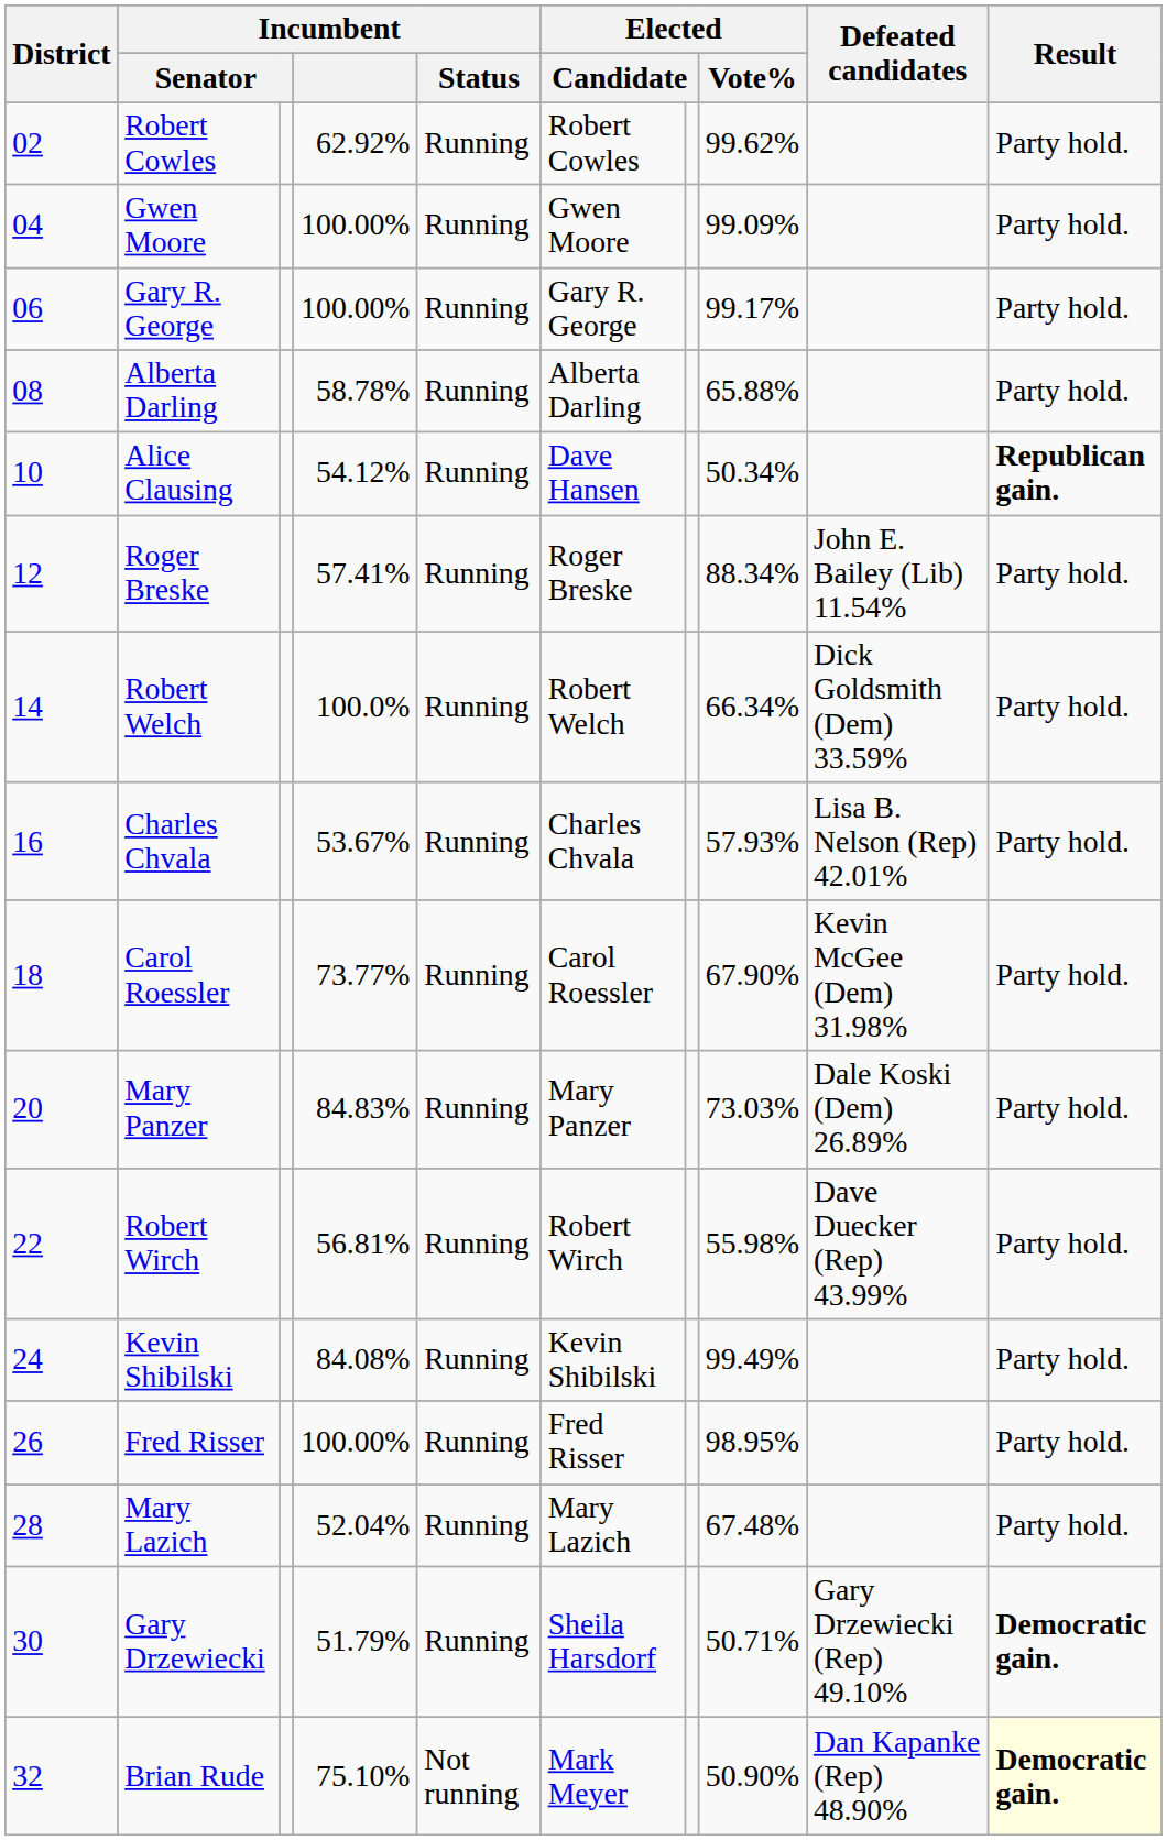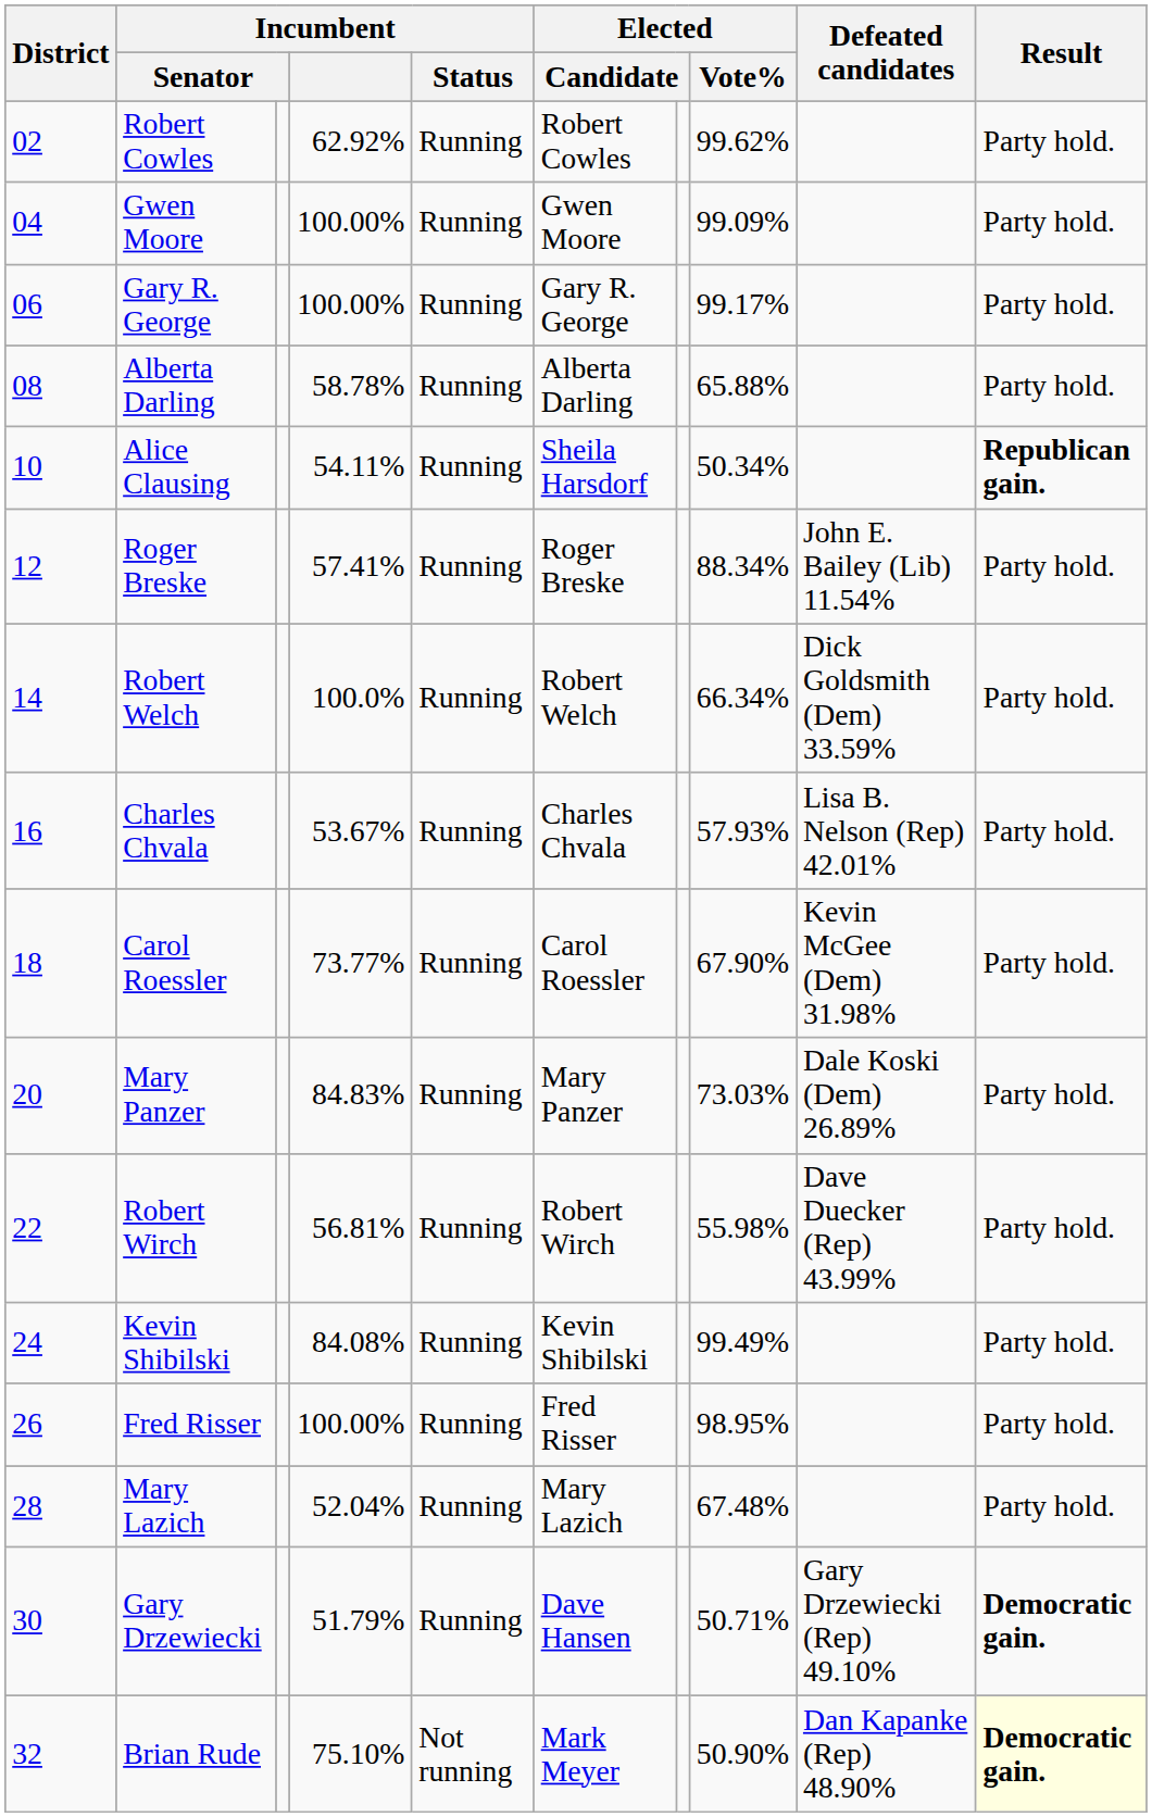 <table class="wikitable">
 <tr>
 <th rowspan="2">District</th>
 <th colspan="4">Incumbent</th>
 <th colspan="3">Elected</th>
 <th rowspan="2">Defeated candidates</th>
 <th rowspan="2">Result</th>
 </tr>
 <tr>
 <th colspan="2">Senator</th>
 <th></th>
 <th>Status</th>
 <th colspan="2">Candidate</th>
 <th>Vote%</th>
 </tr>
 <tr>
 <td><a href='#'>02</a></td>
 <td><a href='#'>Robert Cowles</a></td>
 <td></td>
 <td align="right">62.92%</td>
 <td>Running</td>
 <td>Robert Cowles</td>
 <td style="background:"></td>
 <td align="right">99.62%</td>
 <td></td>
 <td>Party hold.</td>
 </tr>
 <tr>
 <td><a href='#'>04</a></td>
 <td><a href='#'>Gwen Moore</a></td>
 <td></td>
 <td align="right">100.00%</td>
 <td>Running</td>
 <td>Gwen Moore</td>
 <td style="background:"></td>
 <td align="right">99.09%</td>
 <td></td>
 <td>Party hold.</td>
 </tr>
 <tr>
 <td><a href='#'>06</a></td>
 <td><a href='#'>Gary R. George</a></td>
 <td></td>
 <td align="right">100.00%</td>
 <td>Running</td>
 <td>Gary R. George</td>
 <td style="background:"></td>
 <td align="right">99.17%</td>
 <td></td>
 <td>Party hold.</td>
 </tr>
 <tr>
 <td><a href='#'>08</a></td>
 <td><a href='#'>Alberta Darling</a></td>
 <td></td>
 <td align="right">58.78%</td>
 <td>Running</td>
 <td>Alberta Darling</td>
 <td style="background:"></td>
 <td align="right">65.88%</td>
 <td></td>
 <td>Party hold.</td>
 </tr>
 <tr>
 <td><a href='#'>10</a></td>
 <td><a href='#'>Alice Clausing</a></td>
 <td></td>
-<td align="right">54.12%</td>
+<td align="right">54.11%</td>
 <td>Running</td>
-<td><a href='#'>Dave Hansen</a></td>
+<td><a href='#'>Sheila Harsdorf</a></td>
 <td style="background:"></td>
 <td align="right">50.34%</td>
 <td></td>
 <td><strong>Republican gain.</strong></td>
 </tr>
 <tr>
 <td><a href='#'>12</a></td>
 <td><a href='#'>Roger Breske</a></td>
 <td></td>
 <td align="right">57.41%</td>
 <td>Running</td>
 <td>Roger Breske</td>
 <td style="background:"></td>
 <td align="right">88.34%</td>
 <td>John E. Bailey (Lib) 11.54%</td>
 <td>Party hold.</td>
 </tr>
 <tr>
 <td><a href='#'>14</a></td>
 <td><a href='#'>Robert Welch</a></td>
 <td></td>
 <td align="right">100.0%</td>
 <td>Running</td>
 <td>Robert Welch</td>
 <td style="background:"></td>
 <td align="right">66.34%</td>
 <td>Dick Goldsmith (Dem) 33.59%</td>
 <td>Party hold.</td>
 </tr>
 <tr>
 <td><a href='#'>16</a></td>
 <td><a href='#'>Charles Chvala</a></td>
 <td></td>
 <td align="right">53.67%</td>
 <td>Running</td>
 <td>Charles Chvala</td>
 <td style="background:"></td>
 <td align="right">57.93%</td>
 <td>Lisa B. Nelson (Rep) 42.01%</td>
 <td>Party hold.</td>
 </tr>
 <tr>
 <td><a href='#'>18</a></td>
 <td><a href='#'>Carol Roessler</a></td>
 <td></td>
 <td align="right">73.77%</td>
 <td>Running</td>
 <td>Carol Roessler</td>
 <td style="background:"></td>
 <td align="right">67.90%</td>
 <td>Kevin McGee (Dem) 31.98%</td>
 <td>Party hold.</td>
 </tr>
 <tr>
 <td><a href='#'>20</a></td>
 <td><a href='#'>Mary Panzer</a></td>
 <td></td>
 <td align="right">84.83%</td>
 <td>Running</td>
 <td>Mary Panzer</td>
 <td style="background:"></td>
 <td align="right">73.03%</td>
 <td>Dale Koski (Dem) 26.89%</td>
 <td>Party hold.</td>
 </tr>
 <tr>
 <td><a href='#'>22</a></td>
 <td><a href='#'>Robert Wirch</a></td>
 <td></td>
 <td align="right">56.81%</td>
 <td>Running</td>
 <td>Robert Wirch</td>
 <td style="background:"></td>
 <td align="right">55.98%</td>
 <td>Dave Duecker (Rep) 43.99%</td>
 <td>Party hold.</td>
 </tr>
 <tr>
 <td><a href='#'>24</a></td>
 <td><a href='#'>Kevin Shibilski</a></td>
 <td></td>
 <td align="right">84.08%</td>
 <td>Running</td>
 <td>Kevin Shibilski</td>
 <td style="background:"></td>
 <td align="right">99.49%</td>
 <td></td>
 <td>Party hold.</td>
 </tr>
 <tr>
 <td><a href='#'>26</a></td>
 <td><a href='#'>Fred Risser</a></td>
 <td></td>
 <td align="right">100.00%</td>
 <td>Running</td>
 <td>Fred Risser</td>
 <td style="background:"></td>
 <td align="right">98.95%</td>
 <td></td>
 <td>Party hold.</td>
 </tr>
 <tr>
 <td><a href='#'>28</a></td>
 <td><a href='#'>Mary Lazich</a></td>
 <td></td>
 <td align="right">52.04%</td>
 <td>Running</td>
 <td>Mary Lazich</td>
 <td style="background:"></td>
 <td align="right">67.48%</td>
 <td></td>
 <td>Party hold.</td>
 </tr>
 <tr>
 <td><a href='#'>30</a></td>
 <td><a href='#'>Gary Drzewiecki</a></td>
 <td></td>
 <td align="right">51.79%</td>
 <td>Running</td>
-<td><a href='#'>Sheila Harsdorf</a></td>
+<td><a href='#'>Dave Hansen</a></td>
 <td style="background:"></td>
 <td align="right">50.71%</td>
 <td>Gary Drzewiecki (Rep) 49.10%</td>
 <td><strong>Democratic gain.</strong></td>
 </tr>
 <tr>
 <td><a href='#'>32</a></td>
 <td><a href='#'>Brian Rude</a></td>
 <td></td>
 <td align="right">75.10%</td>
 <td>Not running</td>
 <td><a href='#'>Mark Meyer</a></td>
 <td style="background:"></td>
 <td align="right">50.90%</td>
 <td><a href='#'>Dan Kapanke</a> (Rep) 48.90%</td>
 <td style="background: lightyellow;"><strong>Democratic gain.</strong></td>
 </tr>
 </table>
